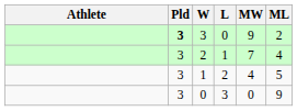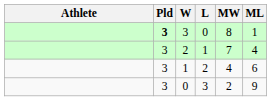 <table class="wikitable" style="text-align:center">
 <tr>
 <th width=200>Athlete</th>
 <th width=20>Pld</th>
 <th width=20>W</th>
 <th width=20>L</th>
 <th width=20>MW</th>
 <th width=20>ML</th>
 </tr>
 <tr bgcolor="ccffcc">
 <td style="text-align:left"></td>
 <td><strong>3</strong></td>
 <td>3</td>
 <td>0</td>
-<td>9</td>
-<td>2</td>
+<td>8</td>
+<td>1</td>
 </tr>
 <tr bgcolor="ccffcc">
 <td style="text-align:left"></td>
 <td>3</td>
 <td>2</td>
 <td>1</td>
 <td>7</td>
 <td>4</td>
 </tr>
 <tr>
 <td style="text-align:left"></td>
 <td>3</td>
 <td>1</td>
 <td>2</td>
 <td>4</td>
-<td>5</td>
+<td>6</td>
 </tr>
 <tr>
 <td style="text-align:left"></td>
 <td>3</td>
 <td>0</td>
 <td>3</td>
-<td>0</td>
+<td>2</td>
 <td>9</td>
 </tr>
 </table>
